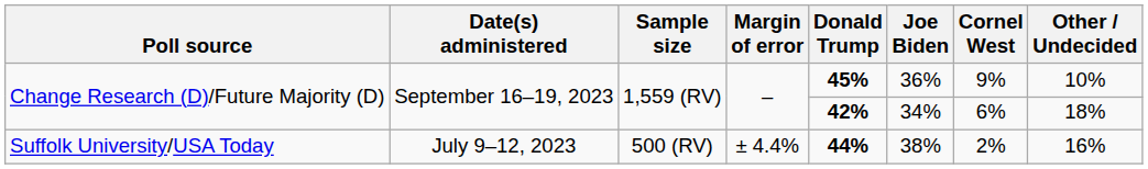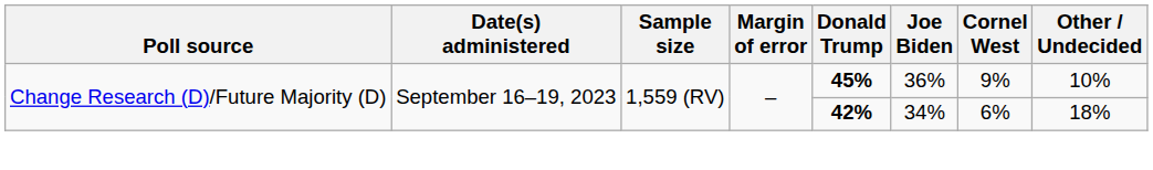 <table class="wikitable sortable mw-datatable" style="font-size:90%;text-align:center;line-height:17px">
 <tr valign=bottom>
 <th>Poll source</th>
 <th>Date(s)<br>administered</th>
 <th>Sample<br>size</th>
 <th>Margin<br>of error</th>
 <th class="unsortable">Donald<br>Trump<br></th>
 <th class="unsortable">Joe<br>Biden<br></th>
 <th class="unsortable">Cornel<br>West<br></th>
 <th class="unsortable">Other /<br>Undecided</th>
 </tr>
 <tr>
 <td style="text-align:left;" rowspan="2"><a href='#'>Change Research (D)</a>/Future Majority (D)</td>
 <td rowspan="2">September 16–19, 2023</td>
 <td rowspan="2">1,559 (RV)</td>
 <td rowspan="2">–</td>
 <td style="background-color:"><strong>45%</strong></td>
 <td>36%</td>
 <td>9%</td>
 <td>10%</td>
 </tr>
 <tr>
 <td style="background-color:"><strong>42%</strong></td>
 <td>34%</td>
 <td>6%</td>
 <td>18%</td>
 </tr>
-<tr>
-<td style="text-align:left;"><a href='#'>Suffolk University</a>/<a href='#'>USA Today</a></td>
-<td data-sort-value="2023-07-26">July 9–12, 2023</td>
-<td>500 (RV)</td>
-<td>± 4.4%</td>
-<td style="background-color:"><strong>44%</strong></td>
-<td>38%</td>
-<td>2%</td>
-<td>16%</td>
-</tr>
 </table>
